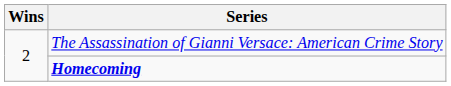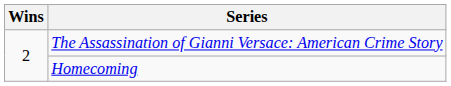 <table class="wikitable">
 <tr>
 <th>Wins</th>
 <th>Series</th>
 </tr>
 <tr>
 <td rowspan="2" align="center">2</td>
 <td><em><a href='#'>The Assassination of Gianni Versace: American Crime Story</a></em></td>
 </tr>
 <tr>
-<td><strong><em><a href='#'>Homecoming</a></em></strong></td>
+<td><em><a href='#'>Homecoming</a></em></td>
 </tr>
 </table>
